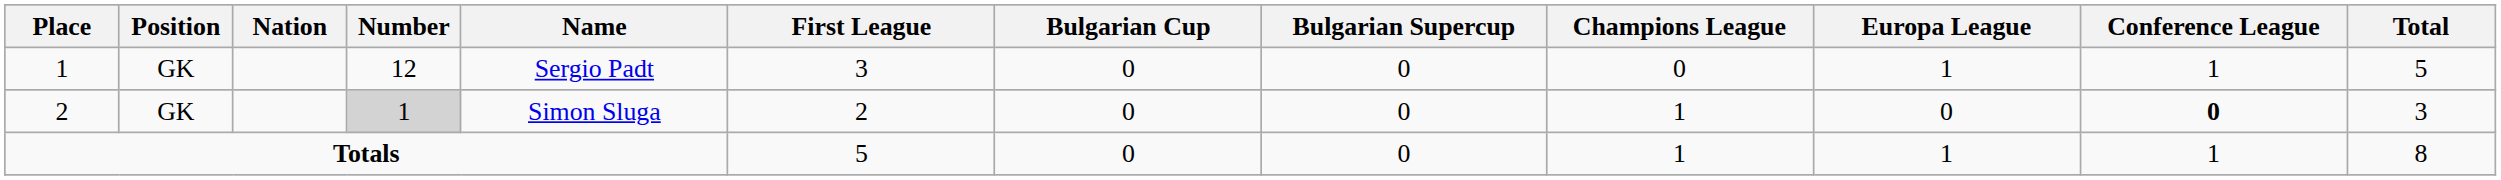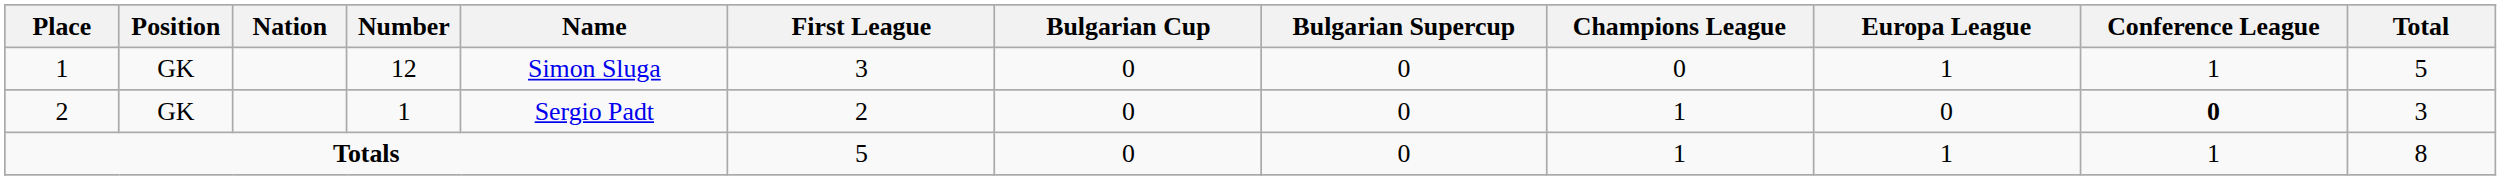 <table class="wikitable" style="font-size: 95%; text-align: center;">
 <tr>
 <th width=60>Place</th>
 <th width=60>Position</th>
 <th width=60>Nation</th>
 <th width=60>Number</th>
 <th width=150>Name</th>
 <th width=150>First League</th>
 <th width=150>Bulgarian Cup</th>
 <th width=160>Bulgarian Supercup</th>
 <th width=150>Champions League</th>
 <th width=150>Europa League</th>
 <th width=150>Conference League</th>
 <th width=80>Total</th>
 </tr>
 <tr>
 <td>1</td>
 <td>GK</td>
 <td></td>
 <td>12</td>
-<td><a href='#'>Sergio Padt</a></td>
+<td><a href='#'>Simon Sluga</a></td>
 <td>3</td>
 <td>0</td>
 <td>0</td>
 <td>0</td>
 <td>1</td>
 <td>1</td>
 <td>5</td>
 </tr>
 <tr>
 <td>2</td>
 <td>GK</td>
 <td></td>
-<td style="background: lightgrey;">1</td>
-<td><a href='#'>Simon Sluga</a></td>
+<td>1</td>
+<td><a href='#'>Sergio Padt</a></td>
 <td>2</td>
 <td>0</td>
 <td>0</td>
 <td>1</td>
 <td>0</td>
 <td><strong>0</strong></td>
 <td>3</td>
 </tr>
 <tr>
 <td colspan="5"><strong>Totals</strong></td>
 <td>5</td>
 <td>0</td>
 <td>0</td>
 <td>1</td>
 <td>1</td>
 <td>1</td>
 <td>8</td>
 </tr>
 </table>
